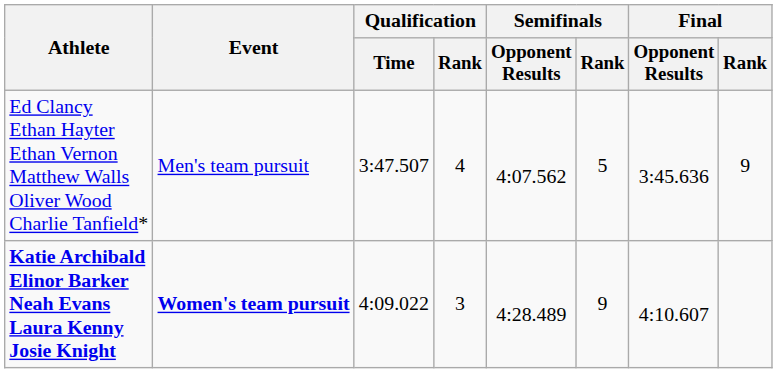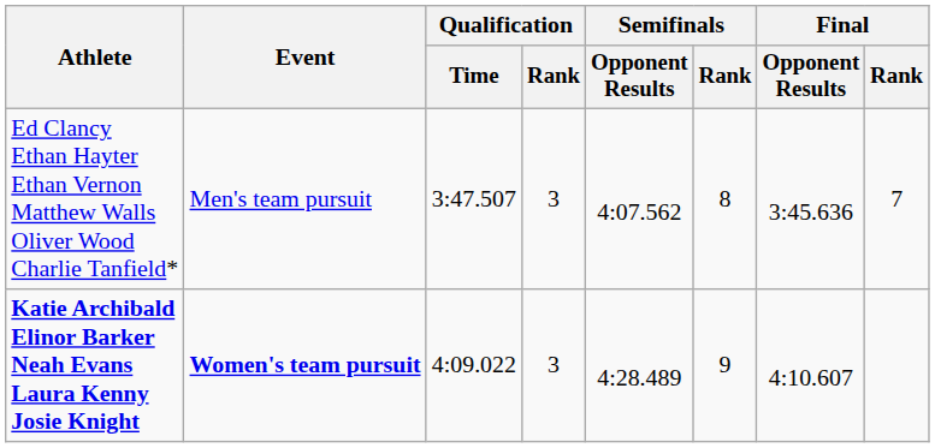 <table class=wikitable style=font-size:90%;text-align:center>
 <tr>
 <th rowspan=2>Athlete</th>
 <th rowspan=2>Event</th>
 <th colspan=2>Qualification</th>
 <th colspan=2>Semifinals</th>
 <th colspan=2>Final</th>
 </tr>
 <tr style=font-size:95%>
 <th>Time</th>
 <th>Rank</th>
 <th>Opponent<br>Results</th>
 <th>Rank</th>
 <th>Opponent<br>Results</th>
 <th>Rank</th>
 </tr>
 <tr>
 <td align=left><a href='#'>Ed Clancy</a><br><a href='#'>Ethan Hayter</a><br><a href='#'>Ethan Vernon</a><br><a href='#'>Matthew Walls</a><br><a href='#'>Oliver Wood</a><br><a href='#'>Charlie Tanfield</a>*</td>
 <td align=left><a href='#'>Men's team pursuit</a></td>
 <td>3:47.507</td>
-<td>4</td>
+<td>3</td>
 <td><br>4:07.562</td>
-<td>5</td>
+<td>8</td>
 <td><br>3:45.636</td>
-<td>9</td>
+<td>7</td>
 </tr>
 <tr>
 <td align=left><strong><a href='#'>Katie Archibald</a><br><a href='#'>Elinor Barker</a><br><a href='#'>Neah Evans</a><br><a href='#'>Laura Kenny</a><br><a href='#'>Josie Knight</a></strong></td>
 <td align=left><strong><a href='#'>Women's team pursuit</a></strong></td>
 <td>4:09.022</td>
 <td>3</td>
 <td><br>4:28.489</td>
 <td>9</td>
 <td><br>4:10.607</td>
 <td></td>
 </tr>
 </table>
